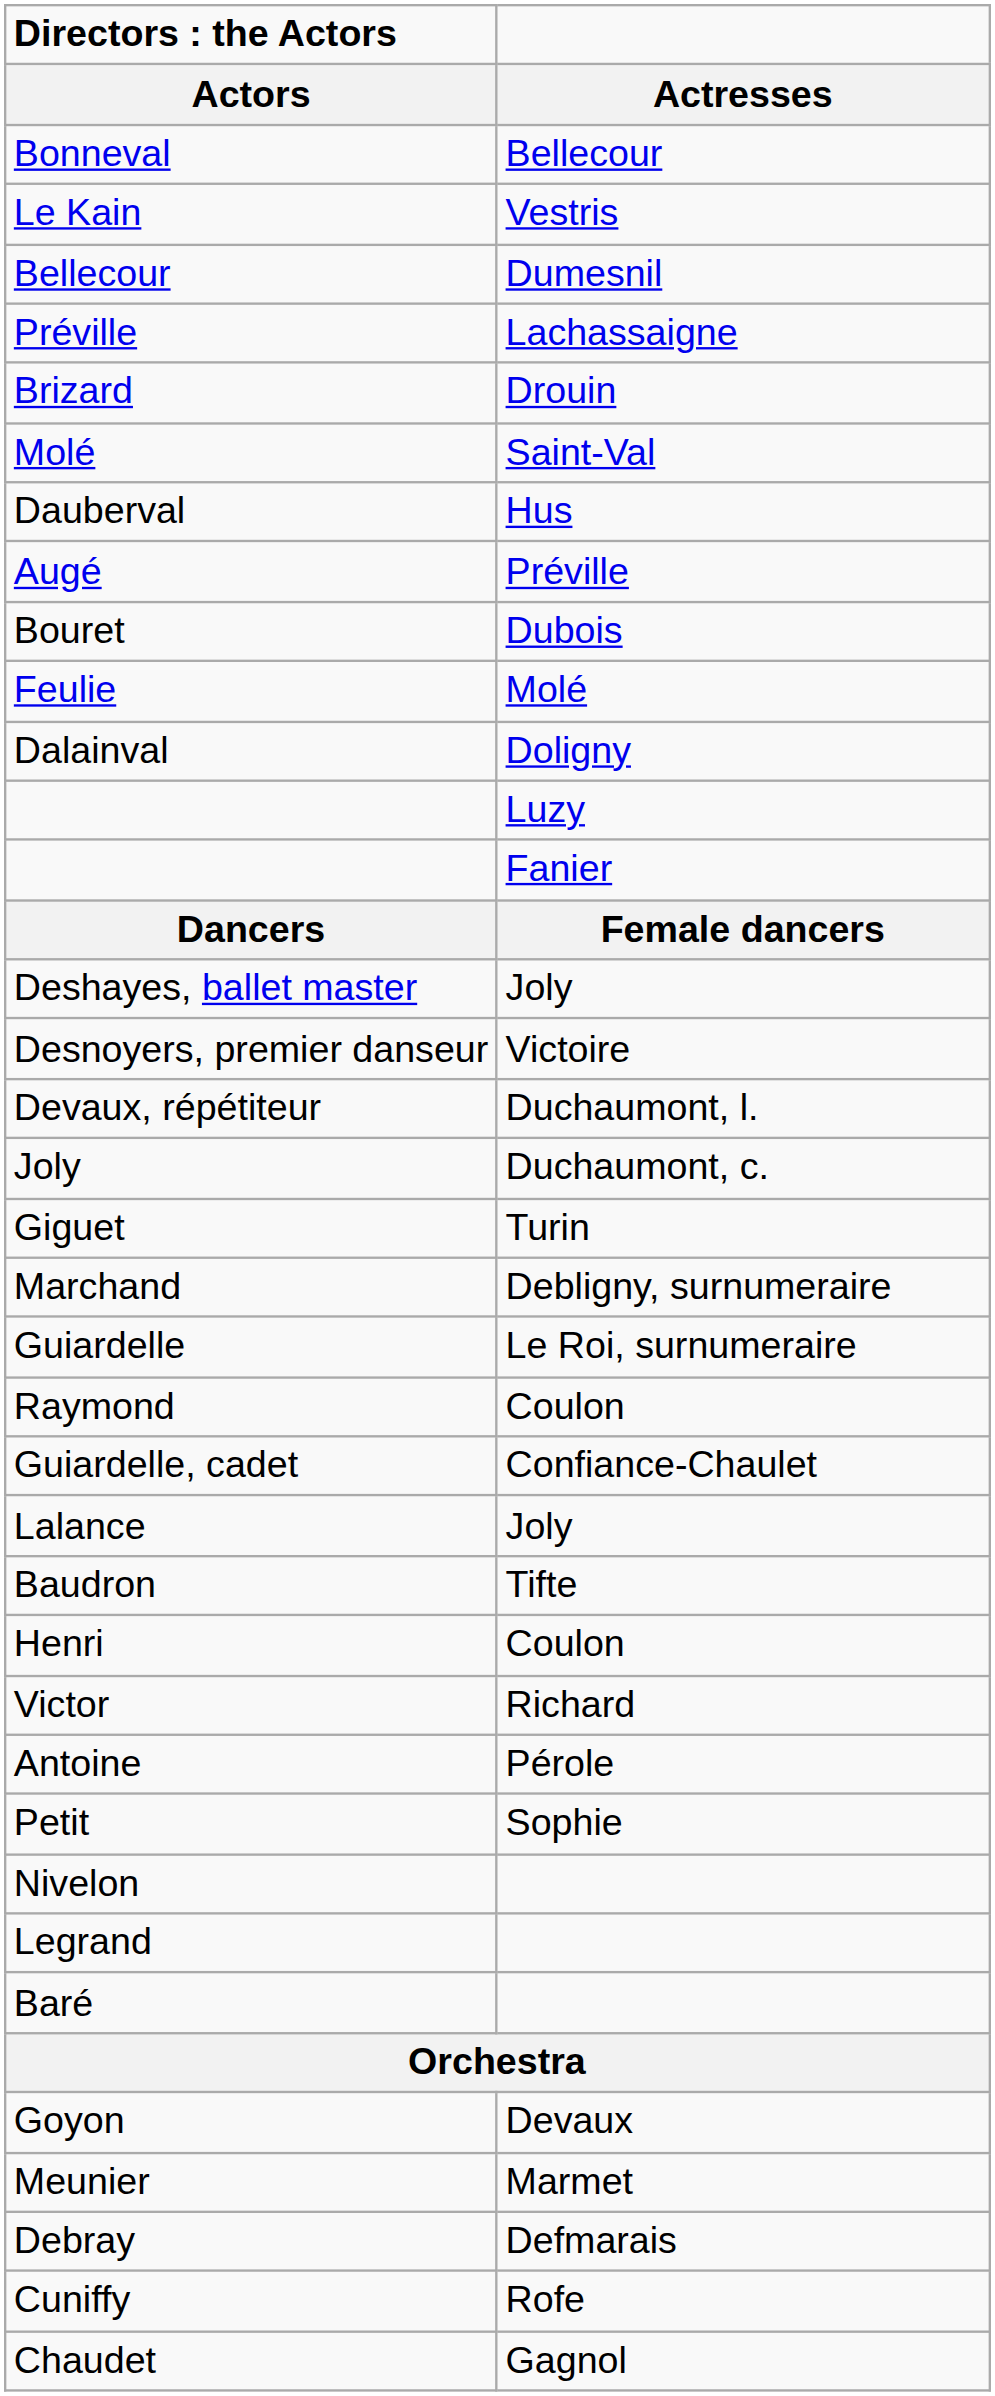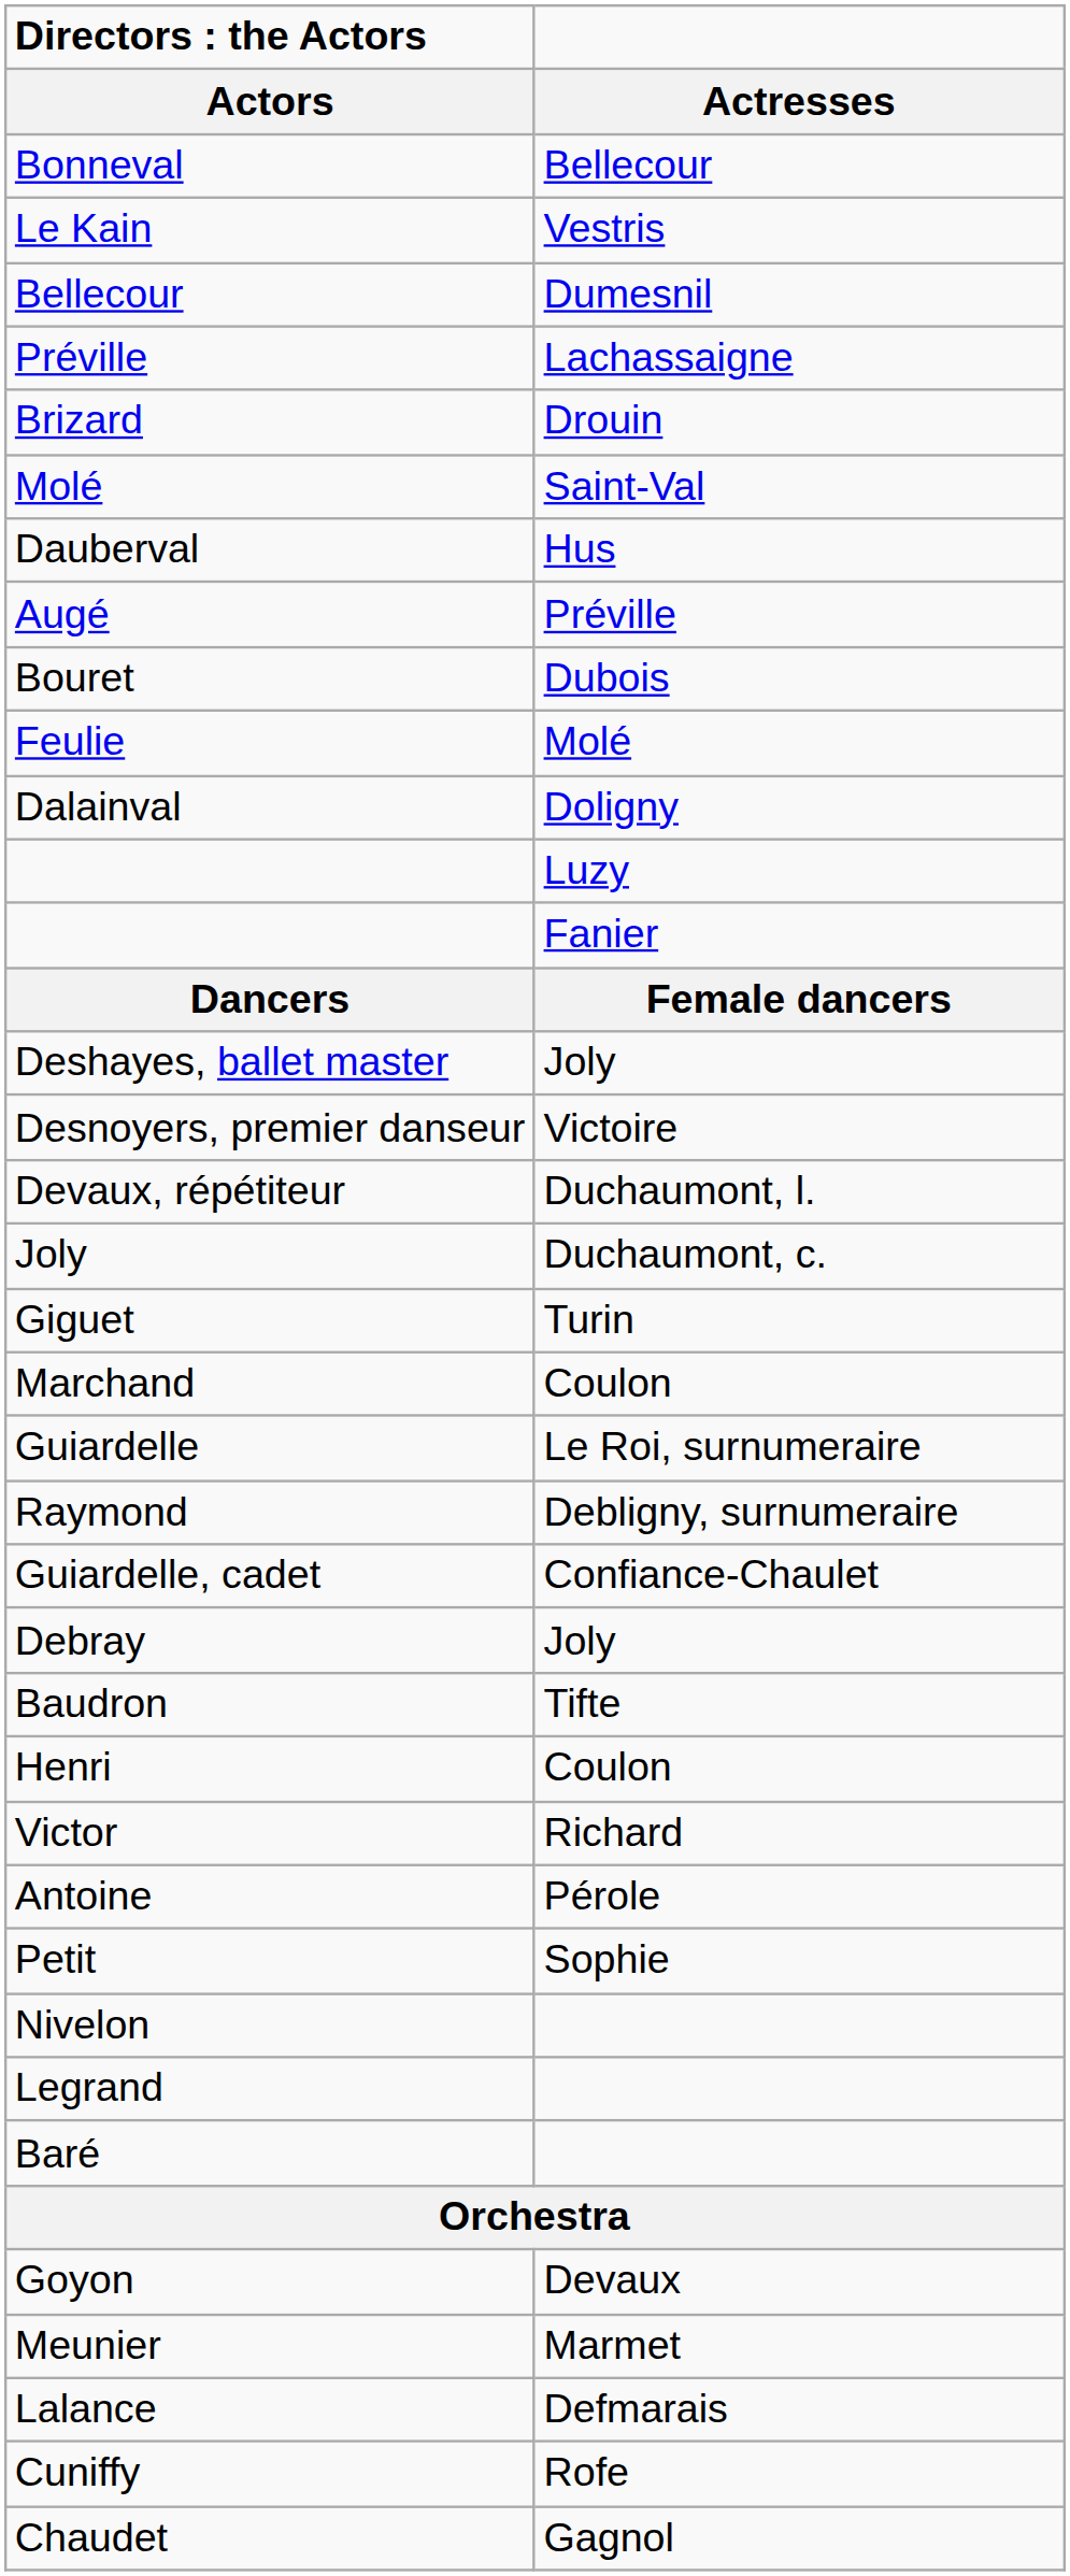 <table class="wikitable centre">
 <tr>
 <td><strong>Directors : the Actors</strong></td>
 </tr>
 <tr>
 <th width="50%" align="center">Actors</th>
 <th width="50%" align="center">Actresses</th>
 </tr>
 <tr>
 <td><a href='#'> Bonneval</a></td>
 <td><a href='#'>Bellecour</a></td>
 </tr>
 <tr>
 <td><a href='#'>Le Kain</a></td>
 <td><a href='#'> Vestris</a></td>
 </tr>
 <tr>
 <td><a href='#'> Bellecour</a></td>
 <td><a href='#'> Dumesnil</a></td>
 </tr>
 <tr>
 <td><a href='#'>Préville</a></td>
 <td><a href='#'> Lachassaigne</a></td>
 </tr>
 <tr>
 <td><a href='#'> Brizard</a></td>
 <td><a href='#'> Drouin</a></td>
 </tr>
 <tr>
 <td><a href='#'> Molé</a></td>
 <td><a href='#'>Saint-Val</a></td>
 </tr>
 <tr>
 <td>Dauberval</td>
 <td><a href='#'> Hus</a></td>
 </tr>
 <tr>
 <td><a href='#'> Augé</a></td>
 <td><a href='#'> Préville</a></td>
 </tr>
 <tr>
 <td>Bouret</td>
 <td><a href='#'>Dubois</a></td>
 </tr>
 <tr>
 <td><a href='#'> Feulie</a></td>
 <td><a href='#'>Molé</a></td>
 </tr>
 <tr>
 <td>Dalainval</td>
 <td><a href='#'> Doligny</a></td>
 </tr>
 <tr>
 <td></td>
 <td><a href='#'> Luzy</a></td>
 </tr>
 <tr>
 <td></td>
 <td><a href='#'> Fanier</a></td>
 </tr>
 <tr>
 <th align="center">Dancers</th>
 <th align="center">Female dancers</th>
 </tr>
 <tr>
 <td>Deshayes, <a href='#'>ballet master</a></td>
 <td>Joly</td>
 </tr>
 <tr>
 <td>Desnoyers, premier danseur</td>
 <td>Victoire</td>
 </tr>
 <tr>
 <td>Devaux, répétiteur</td>
 <td>Duchaumont, l.</td>
 </tr>
 <tr>
 <td>Joly</td>
 <td>Duchaumont, c.</td>
 </tr>
 <tr>
 <td>Giguet</td>
 <td>Turin</td>
 </tr>
 <tr>
 <td>Marchand</td>
-<td>Debligny, surnumeraire</td>
+<td>Coulon</td>
 </tr>
 <tr>
 <td>Guiardelle</td>
 <td>Le Roi, surnumeraire</td>
 </tr>
 <tr>
 <td>Raymond</td>
-<td>Coulon</td>
+<td>Debligny, surnumeraire</td>
 </tr>
 <tr>
 <td>Guiardelle, cadet</td>
 <td>Confiance-Chaulet</td>
 </tr>
 <tr>
-<td>Lalance</td>
+<td>Debray</td>
 <td>Joly</td>
 </tr>
 <tr>
 <td>Baudron</td>
 <td>Tifte</td>
 </tr>
 <tr>
 <td>Henri</td>
 <td>Coulon</td>
 </tr>
 <tr>
 <td>Victor</td>
 <td>Richard</td>
 </tr>
 <tr>
 <td>Antoine</td>
 <td>Pérole</td>
 </tr>
 <tr>
 <td>Petit</td>
 <td>Sophie</td>
 </tr>
 <tr>
 <td>Nivelon</td>
 <td></td>
 </tr>
 <tr>
 <td>Legrand</td>
 <td></td>
 </tr>
 <tr>
 <td>Baré</td>
 <td></td>
 </tr>
 <tr>
 <th colspan="2" align="center">Orchestra</th>
 </tr>
 <tr>
 <td>Goyon</td>
 <td>Devaux</td>
 </tr>
 <tr>
 <td>Meunier</td>
 <td>Marmet</td>
 </tr>
 <tr>
-<td>Debray</td>
+<td>Lalance</td>
 <td>Defmarais</td>
 </tr>
 <tr>
 <td>Cuniffy</td>
 <td>Rofe</td>
 </tr>
 <tr>
 <td>Chaudet</td>
 <td>Gagnol</td>
 </tr>
 </table>
